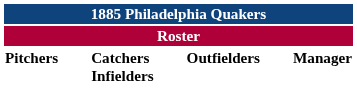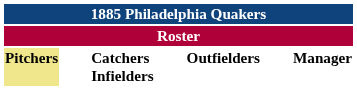 <table class="toccolours" style="font-size: 95%;">
 <tr>
 <th colspan="10" style="background-color: #0f437c; color: white; text-align: center;">1885 Philadelphia Quakers</th>
 </tr>
 <tr>
 <td colspan="10" style="background-color: #af0039; color: white; text-align: center;"><strong>Roster</strong></td>
 </tr>
 <tr>
-<td valign="top"><strong>Pitchers</strong><br>   </td>
+<td valign="top" style="background: khaki;"><strong>Pitchers</strong><br>   </td>
 <td width="25px"></td>
 <td valign="top"><strong>Catchers</strong><br>   <strong>Infielders</strong>     </td>
 <td width="25px"></td>
 <td valign="top"><strong>Outfielders</strong><br>   </td>
 <td width="25px"></td>
 <td valign="top"><strong>Manager</strong><br></td>
 </tr>
 </table>
